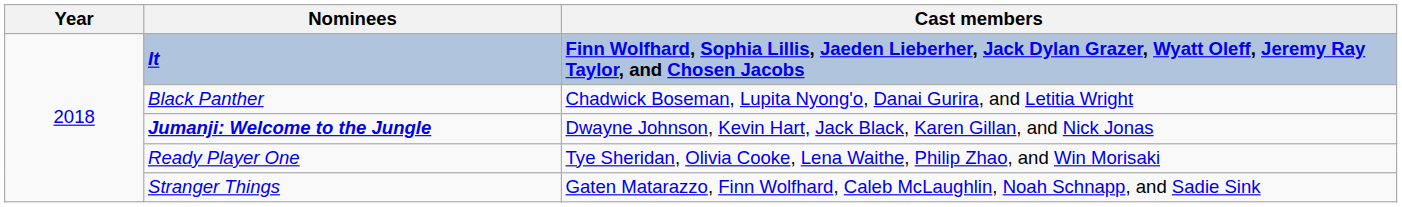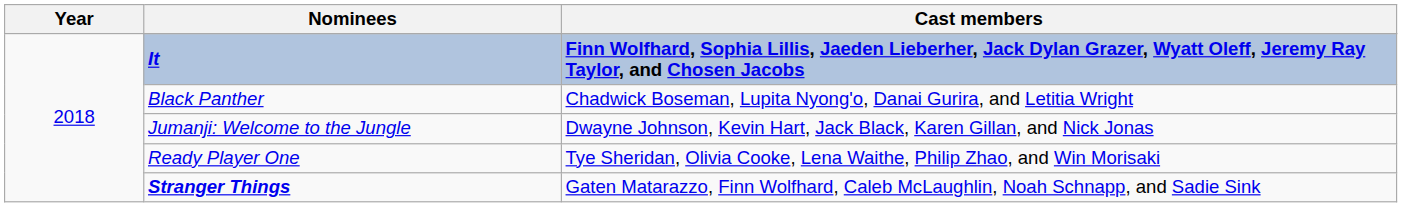 <table class="wikitable" width="95%" cellpadding="5">
 <tr>
 <th width="10%">Year</th>
 <th width="30%">Nominees</th>
 <th width="60%">Cast members</th>
 </tr>
 <tr>
 <td rowspan=6 align="center"><a href='#'>2018</a></td>
 </tr>
 <tr style="background:#B0C4DE;">
 <td><strong><em><a href='#'>It</a></em></strong></td>
 <td><strong><a href='#'>Finn Wolfhard</a>, <a href='#'>Sophia Lillis</a>, <a href='#'>Jaeden Lieberher</a>, <a href='#'>Jack Dylan Grazer</a>, <a href='#'>Wyatt Oleff</a>, <a href='#'>Jeremy Ray Taylor</a>, and <a href='#'>Chosen Jacobs</a></strong></td>
 </tr>
 <tr>
 <td><em><a href='#'>Black Panther</a></em></td>
 <td><a href='#'>Chadwick Boseman</a>, <a href='#'>Lupita Nyong'o</a>, <a href='#'>Danai Gurira</a>, and <a href='#'>Letitia Wright</a></td>
 </tr>
 <tr>
-<td><strong><em><a href='#'>Jumanji: Welcome to the Jungle</a></em></strong></td>
+<td><em><a href='#'>Jumanji: Welcome to the Jungle</a></em></td>
 <td><a href='#'>Dwayne Johnson</a>, <a href='#'>Kevin Hart</a>, <a href='#'>Jack Black</a>, <a href='#'>Karen Gillan</a>, and <a href='#'>Nick Jonas</a></td>
 </tr>
 <tr>
 <td><em><a href='#'>Ready Player One</a></em></td>
 <td><a href='#'>Tye Sheridan</a>, <a href='#'>Olivia Cooke</a>, <a href='#'>Lena Waithe</a>, <a href='#'>Philip Zhao</a>, and <a href='#'>Win Morisaki</a></td>
 </tr>
 <tr>
-<td><em><a href='#'>Stranger Things</a></em></td>
+<td><strong><em><a href='#'>Stranger Things</a></em></strong></td>
 <td><a href='#'>Gaten Matarazzo</a>, <a href='#'>Finn Wolfhard</a>, <a href='#'>Caleb McLaughlin</a>, <a href='#'>Noah Schnapp</a>, and <a href='#'>Sadie Sink</a></td>
 </tr>
 </table>
